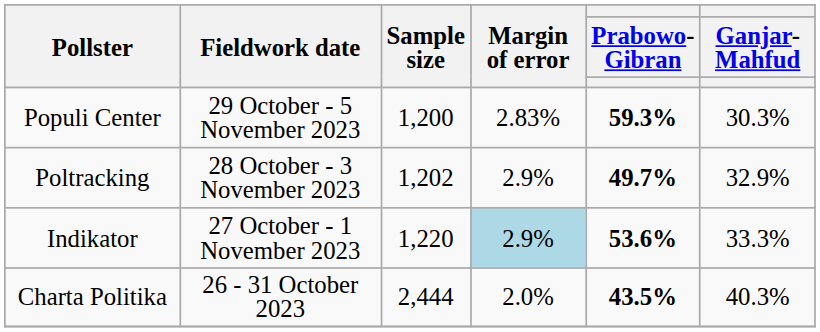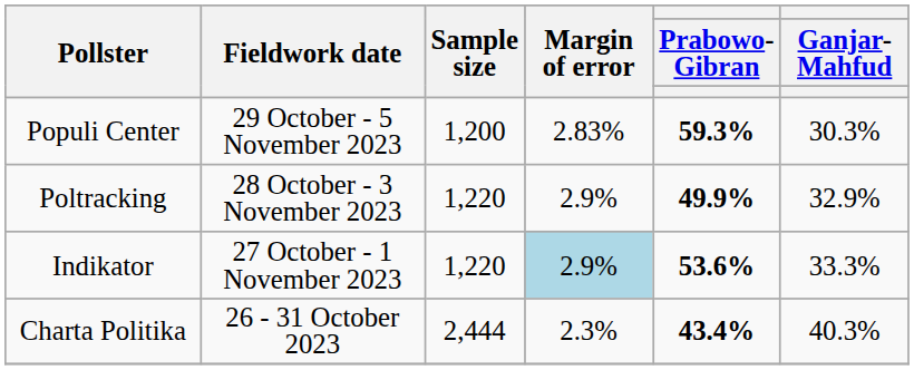 <table class="wikitable" style="text-align:center; font-size:90%; line-height:14px;">
 <tr bgcolor=lightgray>
 <th style="width:95px;" rowspan="3">Pollster</th>
 <th style="width:110px;" rowspan="3">Fieldwork date</th>
 <th style="width:35px;" rowspan="3">Sample size</th>
 <th rowspan="3" style="width:60px;">Margin of error</th>
 <th style="width:60px;"></th>
 <th style="width:60px;"></th>
 </tr>
 <tr>
 <th><a href='#'>Prabowo</a>-<a href='#'>Gibran</a><br></th>
 <th><a href='#'>Ganjar</a>-<a href='#'>Mahfud</a><br></th>
 </tr>
 <tr>
 <th class="unsortable" style="background:"></th>
 <th class="unsortable" style="color:inherit;background:"></th>
 </tr>
 <tr>
 <td>Populi Center</td>
 <td>29 October - 5 November 2023</td>
 <td>1,200</td>
 <td>2.83%</td>
 <td style="background-color:#"><strong>59.3%</strong> </td>
 <td>30.3%</td>
 </tr>
 <tr>
 <td>Poltracking</td>
 <td>28 October - 3 November 2023</td>
-<td>1,202</td>
+<td>1,220</td>
 <td>2.9%</td>
-<td style="background-color:#"><strong>49.7%</strong> </td>
+<td style="background-color:#"><strong>49.9%</strong> </td>
 <td>32.9% </td>
 </tr>
 <tr>
 <td>Indikator</td>
 <td>27 October - 1 November 2023</td>
 <td>1,220</td>
 <td style="background: lightblue;">2.9%</td>
 <td style="background-color:#"><strong>53.6%</strong> </td>
 <td>33.3% </td>
 </tr>
 <tr>
 <td>Charta Politika</td>
 <td>26 - 31 October 2023</td>
 <td>2,444</td>
-<td>2.0%</td>
-<td style="background-color:#"><strong>43.5%</strong> </td>
+<td>2.3%</td>
+<td style="background-color:#"><strong>43.4%</strong> </td>
 <td>40.3%</td>
 </tr>
 <tr>
 </tr>
 </table>
